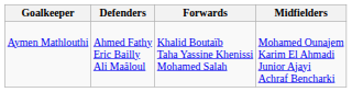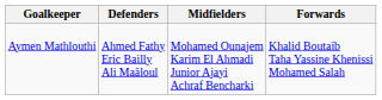 <table class="wikitable" style="margin:0 auto">
 <tr>
 <th>Goalkeeper</th>
 <th>Defenders</th>
+<th>Midfielders</th>
 <th>Forwards</th>
-<th>Midfielders</th>
 </tr>
 <tr>
 <td align=left valign=top><br> <a href='#'>Aymen Mathlouthi</a></td>
 <td align=left valign=top><br> <a href='#'>Ahmed Fathy</a><br>  <a href='#'>Eric Bailly</a><br>  <a href='#'>Ali Maâloul</a></td>
+<td align=left valign=top><br> <a href='#'>Mohamed Ounajem</a> <br>  <a href='#'>Karim El Ahmadi</a><br>  <a href='#'>Junior Ajayi</a><br>  <a href='#'>Achraf Bencharki</a></td>
 <td align=left valign=top><br> <a href='#'>Khalid Boutaïb</a><br>  <a href='#'>Taha Yassine Khenissi</a><br>  <a href='#'>Mohamed Salah</a></td>
-<td align=left valign=top><br> <a href='#'>Mohamed Ounajem</a> <br>  <a href='#'>Karim El Ahmadi</a><br>  <a href='#'>Junior Ajayi</a><br>  <a href='#'>Achraf Bencharki</a></td>
 </tr>
 </table>
